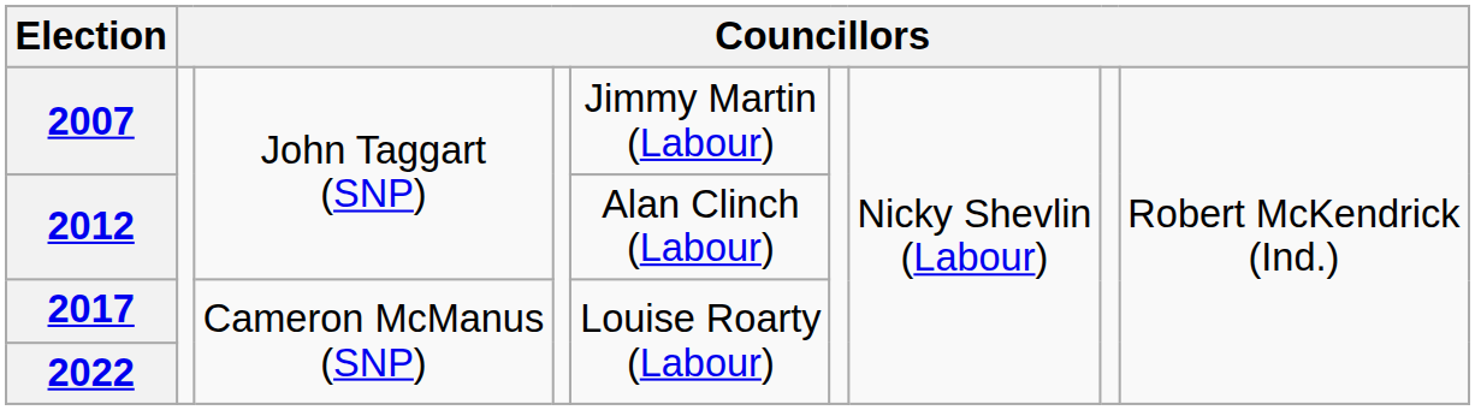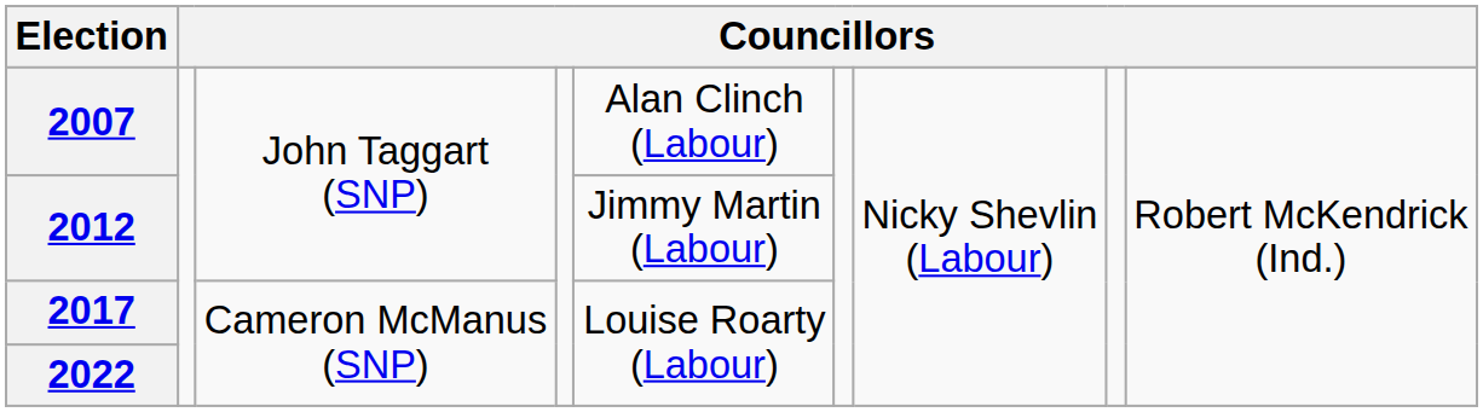 <table class="wikitable" style="text-align:center">
 <tr>
 <th>Election</th>
 <th colspan=8>Councillors</th>
 </tr>
 <tr>
 <th><a href='#'>2007</a></th>
 <td rowspan=4; style="background-color: "></td>
 <td rowspan=2>John Taggart<br>(<a href='#'>SNP</a>)</td>
 <td rowspan=4; style="background-color: "></td>
-<td rowspan=1>Jimmy Martin<br>(<a href='#'>Labour</a>)</td>
+<td rowspan=1>Alan Clinch<br>(<a href='#'>Labour</a>)</td>
 <td rowspan=4; style="background-color: "></td>
 <td rowspan=4>Nicky Shevlin<br>(<a href='#'>Labour</a>)</td>
 <td rowspan=4; style="background-color: "></td>
 <td rowspan=4>Robert McKendrick<br>(Ind.)</td>
 </tr>
 <tr>
 <th><a href='#'>2012</a></th>
-<td rowspan=1>Alan Clinch<br>(<a href='#'>Labour</a>)</td>
+<td rowspan=1>Jimmy Martin<br>(<a href='#'>Labour</a>)</td>
 </tr>
 <tr>
 <th><a href='#'>2017</a></th>
 <td rowspan=2>Cameron McManus<br>(<a href='#'>SNP</a>)</td>
 <td rowspan=2>Louise Roarty<br>(<a href='#'>Labour</a>)</td>
 </tr>
 <tr>
 <th><a href='#'>2022</a></th>
 </tr>
 </table>
